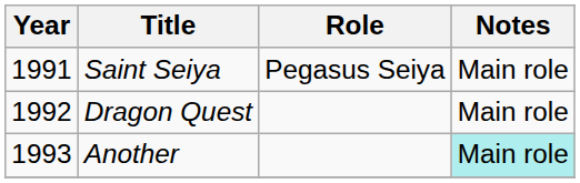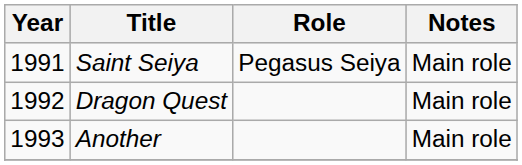 <table class="wikitable">
 <tr>
 <th>Year</th>
 <th>Title</th>
 <th>Role</th>
 <th>Notes</th>
 </tr>
 <tr>
 <td>1991</td>
 <td><em>Saint Seiya</em></td>
 <td>Pegasus Seiya</td>
 <td>Main role</td>
 </tr>
 <tr>
 <td>1992</td>
 <td><em>Dragon Quest</em></td>
 <td></td>
 <td>Main role</td>
 </tr>
 <tr>
 <td>1993</td>
 <td><em>Another</em></td>
 <td></td>
-<td style="background: paleturquoise;">Main role</td>
+<td>Main role</td>
 </tr>
 <tr>
 </tr>
 <tr>
 </tr>
 </table>
